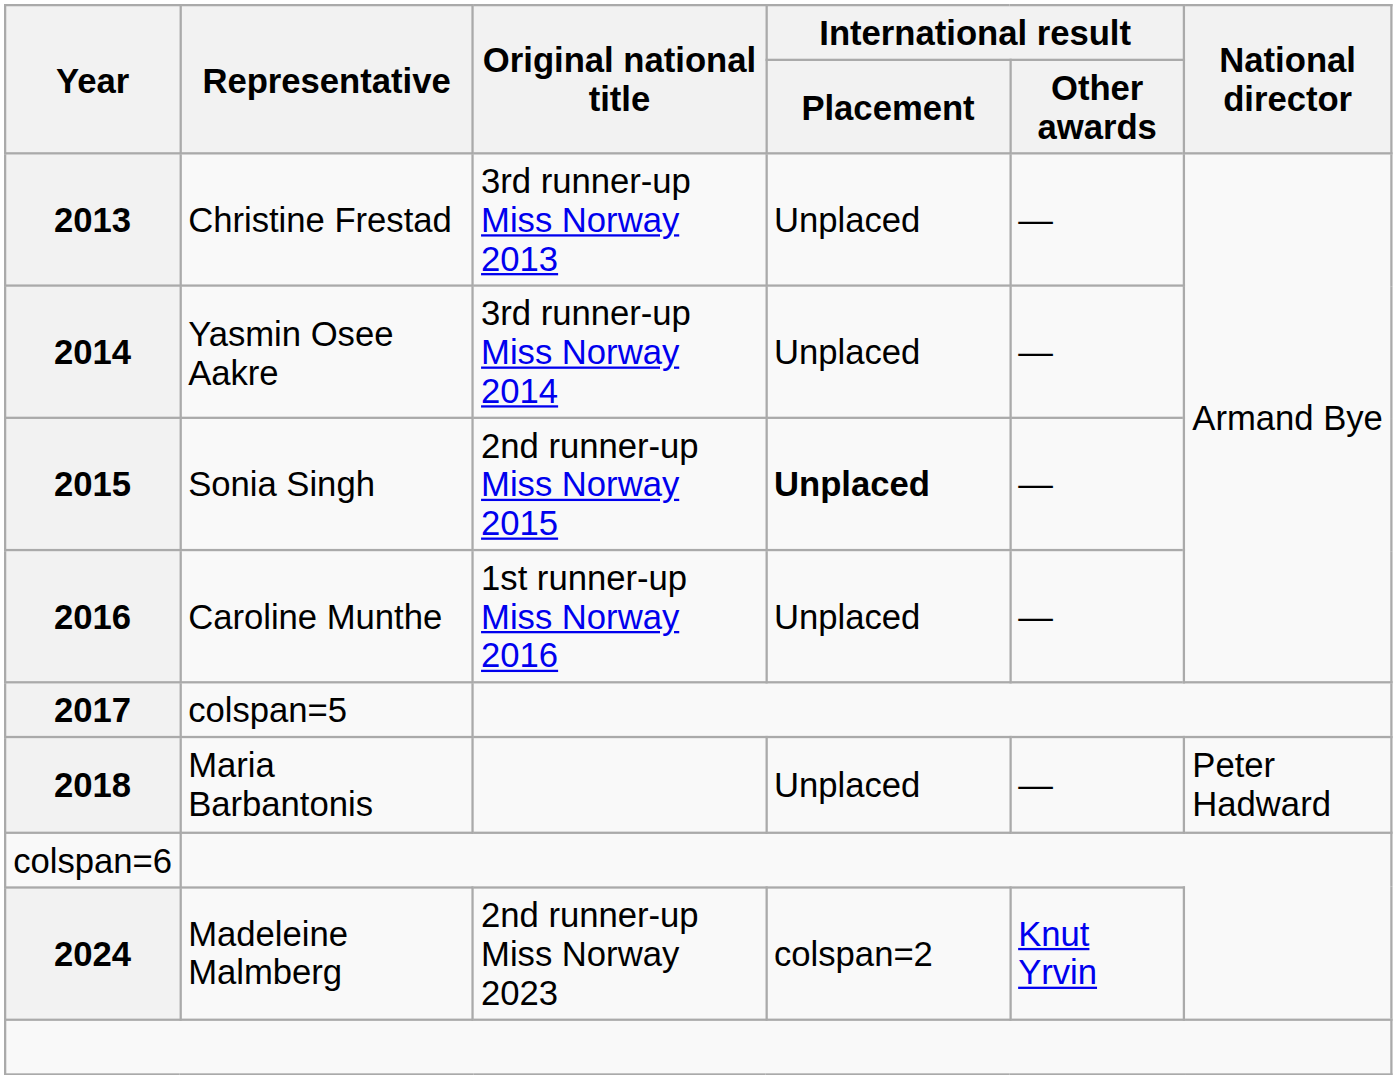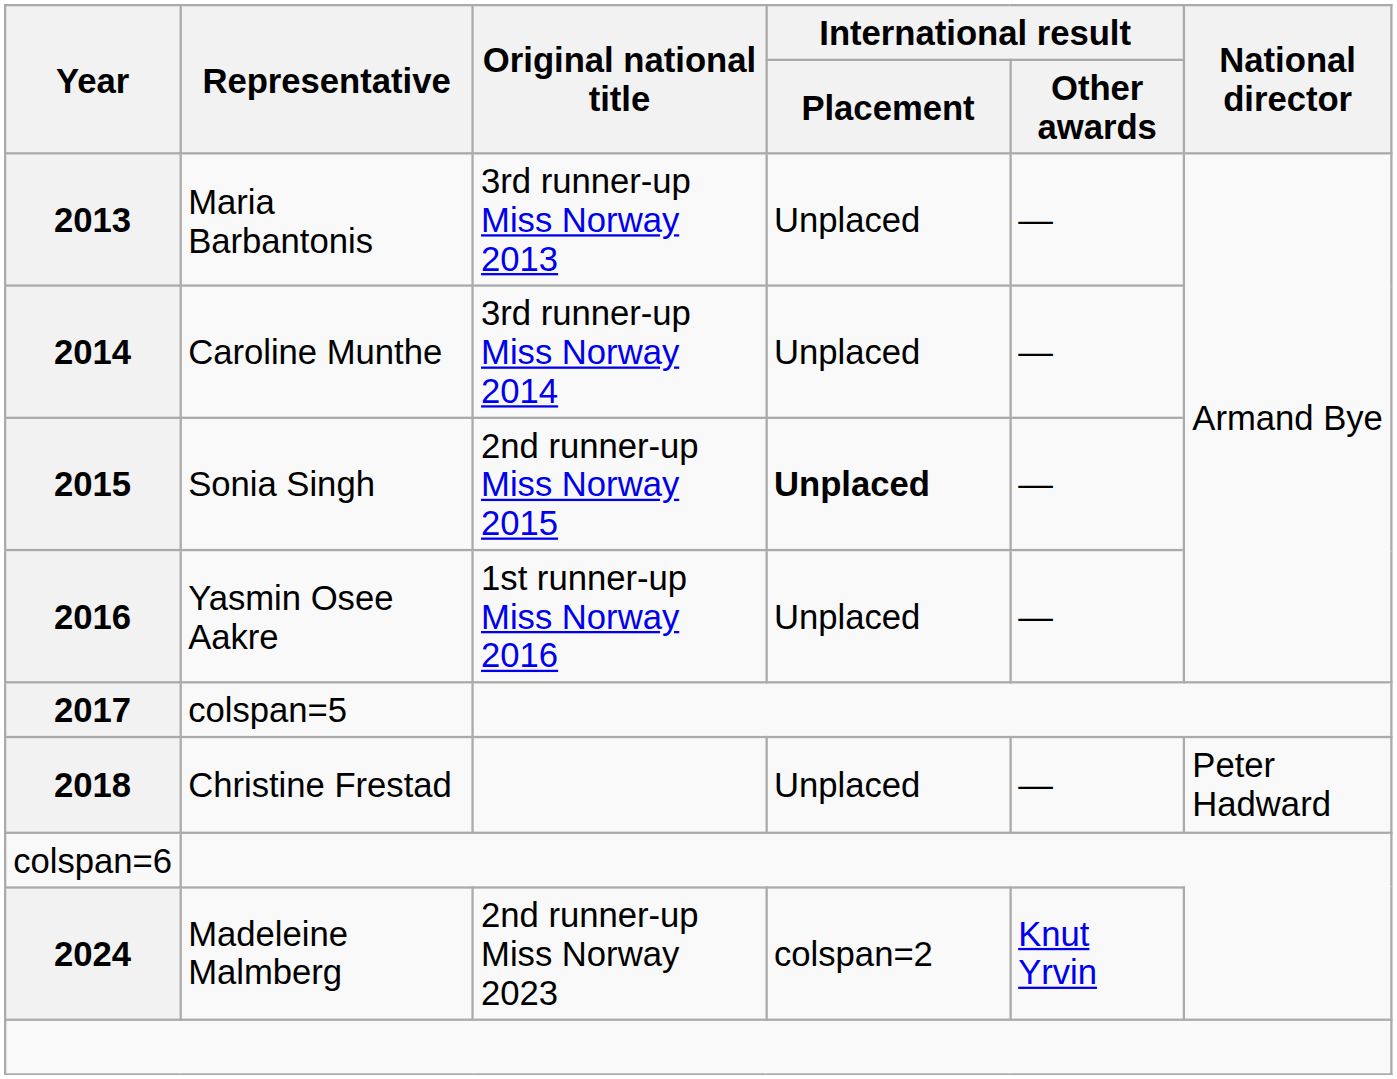 <table class="wikitable defaultcenter col2left" style="font-size:95%;">
 <tr>
 <th rowspan=2>Year</th>
 <th rowspan=2>Representative</th>
 <th rowspan=2>Original national title</th>
 <th colspan=2>International result</th>
 <th rowspan=2>National director</th>
 </tr>
 <tr>
 <th width=100px>Placement</th>
 <th>Other awards</th>
 </tr>
 <tr>
 <th>2013</th>
-<td>Christine Frestad</td>
+<td>Maria Barbantonis</td>
 <td>3rd runner-up <a href='#'>Miss Norway 2013</a></td>
 <td>Unplaced</td>
 <td>—</td>
 <td rowspan=4>Armand Bye</td>
 </tr>
 <tr>
 <th>2014</th>
-<td>Yasmin Osee Aakre</td>
+<td>Caroline Munthe</td>
 <td>3rd runner-up <a href='#'>Miss Norway 2014</a></td>
 <td>Unplaced</td>
 <td>—</td>
 </tr>
 <tr>
 <th>2015</th>
 <td>Sonia Singh</td>
 <td>2nd runner-up <a href='#'>Miss Norway 2015</a></td>
 <td><strong>Unplaced</strong></td>
 <td>—</td>
 </tr>
 <tr>
 <th>2016</th>
-<td>Caroline Munthe</td>
+<td>Yasmin Osee Aakre</td>
 <td>1st runner-up <a href='#'>Miss Norway 2016</a></td>
 <td>Unplaced</td>
 <td>—</td>
 </tr>
 <tr>
 <th>2017</th>
 <td>colspan=5 </td>
 </tr>
 <tr>
 <th>2018</th>
-<td>Maria Barbantonis</td>
+<td>Christine Frestad</td>
 <td></td>
 <td>Unplaced</td>
 <td>—</td>
 <td>Peter Hadward</td>
 </tr>
 <tr>
 <td>colspan=6 </td>
 </tr>
 <tr>
 <th>2024</th>
 <td>Madeleine Malmberg</td>
 <td>2nd runner-up Miss Norway 2023</td>
 <td>colspan=2 </td>
 <td><a href='#'>Knut Yrvin</a></td>
 </tr>
 <tr>
 <td colspan="6"><br></td>
 </tr>
 </table>
